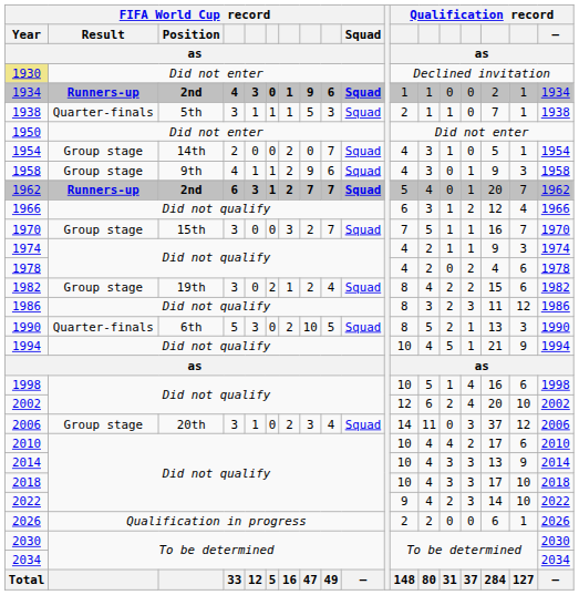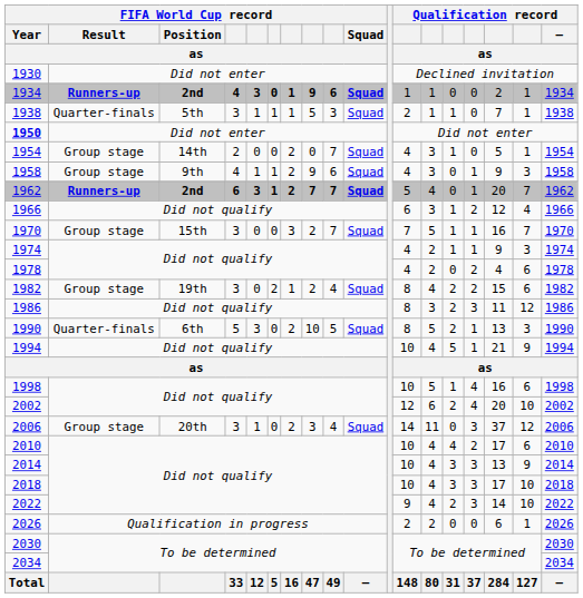 <table class="wikitable" style="text-align: center;">
 <tr>
 <th colspan=10><a href='#'>FIFA World Cup</a> record</th>
 <th width=1% rowspan=30></th>
 <th colspan=7><a href='#'>Qualification</a> record</th>
 </tr>
 <tr>
 <th>Year</th>
 <th>Result</th>
 <th>Position</th>
 <th></th>
 <th></th>
 <th></th>
 <th></th>
 <th></th>
 <th></th>
 <th>Squad</th>
 <th></th>
 <th></th>
 <th></th>
 <th></th>
 <th></th>
 <th></th>
 <th>—</th>
 </tr>
 <tr>
 <th colspan=10>as </th>
 <th colspan=8>as </th>
 </tr>
 <tr>
-<td style="background: khaki;"> <a href='#'>1930</a></td>
+<td> <a href='#'>1930</a></td>
 <td colspan=9><em>Did not enter</em></td>
 <td colspan=7><em>Declined invitation</em></td>
 </tr>
 <tr bgcolor=Silver>
 <td> <a href='#'>1934</a></td>
 <td><strong><a href='#'>Runners-up</a></strong></td>
 <td><strong>2nd</strong></td>
 <td><strong>4</strong></td>
 <td><strong>3</strong></td>
 <td><strong>0</strong></td>
 <td><strong>1</strong></td>
 <td><strong>9</strong></td>
 <td><strong>6</strong></td>
 <td><strong><a href='#'>Squad</a></strong></td>
 <td>1</td>
 <td>1</td>
 <td>0</td>
 <td>0</td>
 <td>2</td>
 <td>1</td>
 <td><a href='#'>1934</a></td>
 </tr>
 <tr>
 <td> <a href='#'>1938</a></td>
 <td>Quarter-finals</td>
 <td>5th</td>
 <td>3</td>
 <td>1</td>
 <td>1</td>
 <td>1</td>
 <td>5</td>
 <td>3</td>
 <td><a href='#'>Squad</a></td>
 <td>2</td>
 <td>1</td>
 <td>1</td>
 <td>0</td>
 <td>7</td>
 <td>1</td>
 <td><a href='#'>1938</a></td>
 </tr>
 <tr>
-<td> <a href='#'>1950</a></td>
+<td><strong> <a href='#'>1950</a></strong></td>
 <td colspan=9><em>Did not enter</em></td>
 <td colspan=7><em>Did not enter</em></td>
 </tr>
 <tr>
 <td> <a href='#'>1954</a></td>
 <td>Group stage</td>
 <td>14th</td>
 <td>2</td>
 <td>0</td>
 <td>0</td>
 <td>2</td>
 <td>0</td>
 <td>7</td>
 <td><a href='#'>Squad</a></td>
 <td>4</td>
 <td>3</td>
 <td>1</td>
 <td>0</td>
 <td>5</td>
 <td>1</td>
 <td><a href='#'>1954</a></td>
 </tr>
 <tr>
 <td> <a href='#'>1958</a></td>
 <td>Group stage</td>
 <td>9th</td>
 <td>4</td>
 <td>1</td>
 <td>1</td>
 <td>2</td>
 <td>9</td>
 <td>6</td>
 <td><a href='#'>Squad</a></td>
 <td>4</td>
 <td>3</td>
 <td>0</td>
 <td>1</td>
 <td>9</td>
 <td>3</td>
 <td><a href='#'>1958</a></td>
 </tr>
 <tr bgcolor=silver>
 <td> <a href='#'>1962</a></td>
 <td><strong><a href='#'>Runners-up</a></strong></td>
 <td><strong>2nd</strong></td>
 <td><strong>6</strong></td>
 <td><strong>3</strong></td>
 <td><strong>1</strong></td>
 <td><strong>2</strong></td>
 <td><strong>7</strong></td>
 <td><strong>7</strong></td>
 <td><strong><a href='#'>Squad</a></strong></td>
 <td>5</td>
 <td>4</td>
 <td>0</td>
 <td>1</td>
 <td>20</td>
 <td>7</td>
 <td><a href='#'>1962</a></td>
 </tr>
 <tr>
 <td> <a href='#'>1966</a></td>
 <td colspan=9><em>Did not qualify</em></td>
 <td>6</td>
 <td>3</td>
 <td>1</td>
 <td>2</td>
 <td>12</td>
 <td>4</td>
 <td><a href='#'>1966</a></td>
 </tr>
 <tr>
 <td> <a href='#'>1970</a></td>
 <td>Group stage</td>
 <td>15th</td>
 <td>3</td>
 <td>0</td>
 <td>0</td>
 <td>3</td>
 <td>2</td>
 <td>7</td>
 <td><a href='#'>Squad</a></td>
 <td>7</td>
 <td>5</td>
 <td>1</td>
 <td>1</td>
 <td>16</td>
 <td>7</td>
 <td><a href='#'>1970</a></td>
 </tr>
 <tr>
 <td> <a href='#'>1974</a></td>
 <td colspan=9 rowspan=2><em>Did not qualify</em></td>
 <td>4</td>
 <td>2</td>
 <td>1</td>
 <td>1</td>
 <td>9</td>
 <td>3</td>
 <td><a href='#'>1974</a></td>
 </tr>
 <tr>
 <td> <a href='#'>1978</a></td>
 <td>4</td>
 <td>2</td>
 <td>0</td>
 <td>2</td>
 <td>4</td>
 <td>6</td>
 <td><a href='#'>1978</a></td>
 </tr>
 <tr>
 <td> <a href='#'>1982</a></td>
 <td>Group stage</td>
 <td>19th</td>
 <td>3</td>
 <td>0</td>
 <td>2</td>
 <td>1</td>
 <td>2</td>
 <td>4</td>
 <td><a href='#'>Squad</a></td>
 <td>8</td>
 <td>4</td>
 <td>2</td>
 <td>2</td>
 <td>15</td>
 <td>6</td>
 <td><a href='#'>1982</a></td>
 </tr>
 <tr>
 <td> <a href='#'>1986</a></td>
 <td colspan=9><em>Did not qualify</em></td>
 <td>8</td>
 <td>3</td>
 <td>2</td>
 <td>3</td>
 <td>11</td>
 <td>12</td>
 <td><a href='#'>1986</a></td>
 </tr>
 <tr>
 <td> <a href='#'>1990</a></td>
 <td>Quarter-finals</td>
 <td>6th</td>
 <td>5</td>
 <td>3</td>
 <td>0</td>
 <td>2</td>
 <td>10</td>
 <td>5</td>
 <td><a href='#'>Squad</a></td>
 <td>8</td>
 <td>5</td>
 <td>2</td>
 <td>1</td>
 <td>13</td>
 <td>3</td>
 <td><a href='#'>1990</a></td>
 </tr>
 <tr>
 <td> <a href='#'>1994</a></td>
 <td colspan=9><em>Did not qualify</em></td>
 <td>10</td>
 <td>4</td>
 <td>5</td>
 <td>1</td>
 <td>21</td>
 <td>9</td>
 <td><a href='#'>1994</a></td>
 </tr>
 <tr>
 <th colspan=10>as </th>
 <th colspan=8>as </th>
 </tr>
 <tr>
 <td> <a href='#'>1998</a></td>
 <td colspan=9 rowspan=2><em>Did not qualify</em></td>
 <td>10</td>
 <td>5</td>
 <td>1</td>
 <td>4</td>
 <td>16</td>
 <td>6</td>
 <td><a href='#'>1998</a></td>
 </tr>
 <tr>
 <td>  <a href='#'>2002</a></td>
 <td>12</td>
 <td>6</td>
 <td>2</td>
 <td>4</td>
 <td>20</td>
 <td>10</td>
 <td><a href='#'>2002</a></td>
 </tr>
 <tr>
 <td> <a href='#'>2006</a></td>
 <td>Group stage</td>
 <td>20th</td>
 <td>3</td>
 <td>1</td>
 <td>0</td>
 <td>2</td>
 <td>3</td>
 <td>4</td>
 <td><a href='#'>Squad</a></td>
 <td>14</td>
 <td>11</td>
 <td>0</td>
 <td>3</td>
 <td>37</td>
 <td>12</td>
 <td><a href='#'>2006</a></td>
 </tr>
 <tr>
 <td> <a href='#'>2010</a></td>
 <td colspan=9 rowspan=4><em>Did not qualify</em></td>
 <td>10</td>
 <td>4</td>
 <td>4</td>
 <td>2</td>
 <td>17</td>
 <td>6</td>
 <td><a href='#'>2010</a></td>
 </tr>
 <tr>
 <td> <a href='#'>2014</a></td>
 <td>10</td>
 <td>4</td>
 <td>3</td>
 <td>3</td>
 <td>13</td>
 <td>9</td>
 <td><a href='#'>2014</a></td>
 </tr>
 <tr>
 <td> <a href='#'>2018</a></td>
 <td>10</td>
 <td>4</td>
 <td>3</td>
 <td>3</td>
 <td>17</td>
 <td>10</td>
 <td><a href='#'>2018</a></td>
 </tr>
 <tr>
 <td> <a href='#'>2022</a></td>
 <td>9</td>
 <td>4</td>
 <td>2</td>
 <td>3</td>
 <td>14</td>
 <td>10</td>
 <td><a href='#'>2022</a></td>
 </tr>
 <tr>
 <td>   <a href='#'>2026</a></td>
 <td colspan=9><em>Qualification in progress</em></td>
 <td>2</td>
 <td>2</td>
 <td>0</td>
 <td>0</td>
 <td>6</td>
 <td>1</td>
 <td><a href='#'>2026</a></td>
 </tr>
 <tr>
 <td>   <a href='#'>2030</a></td>
 <td colspan=9 rowspan=2><em>To be determined</em></td>
 <td colspan=6 rowspan=2><em>To be determined</em></td>
 <td><a href='#'>2030</a></td>
 </tr>
 <tr>
 <td> <a href='#'>2034</a></td>
 <td><a href='#'>2034</a></td>
 </tr>
 <tr>
 <th>Total</th>
 <th></th>
 <th></th>
 <th>33</th>
 <th>12</th>
 <th>5</th>
 <th>16</th>
 <th>47</th>
 <th>49</th>
 <th>—</th>
 <th>148</th>
 <th>80</th>
 <th>31</th>
 <th>37</th>
 <th>284</th>
 <th>127</th>
 <th>—</th>
 </tr>
 </table>
